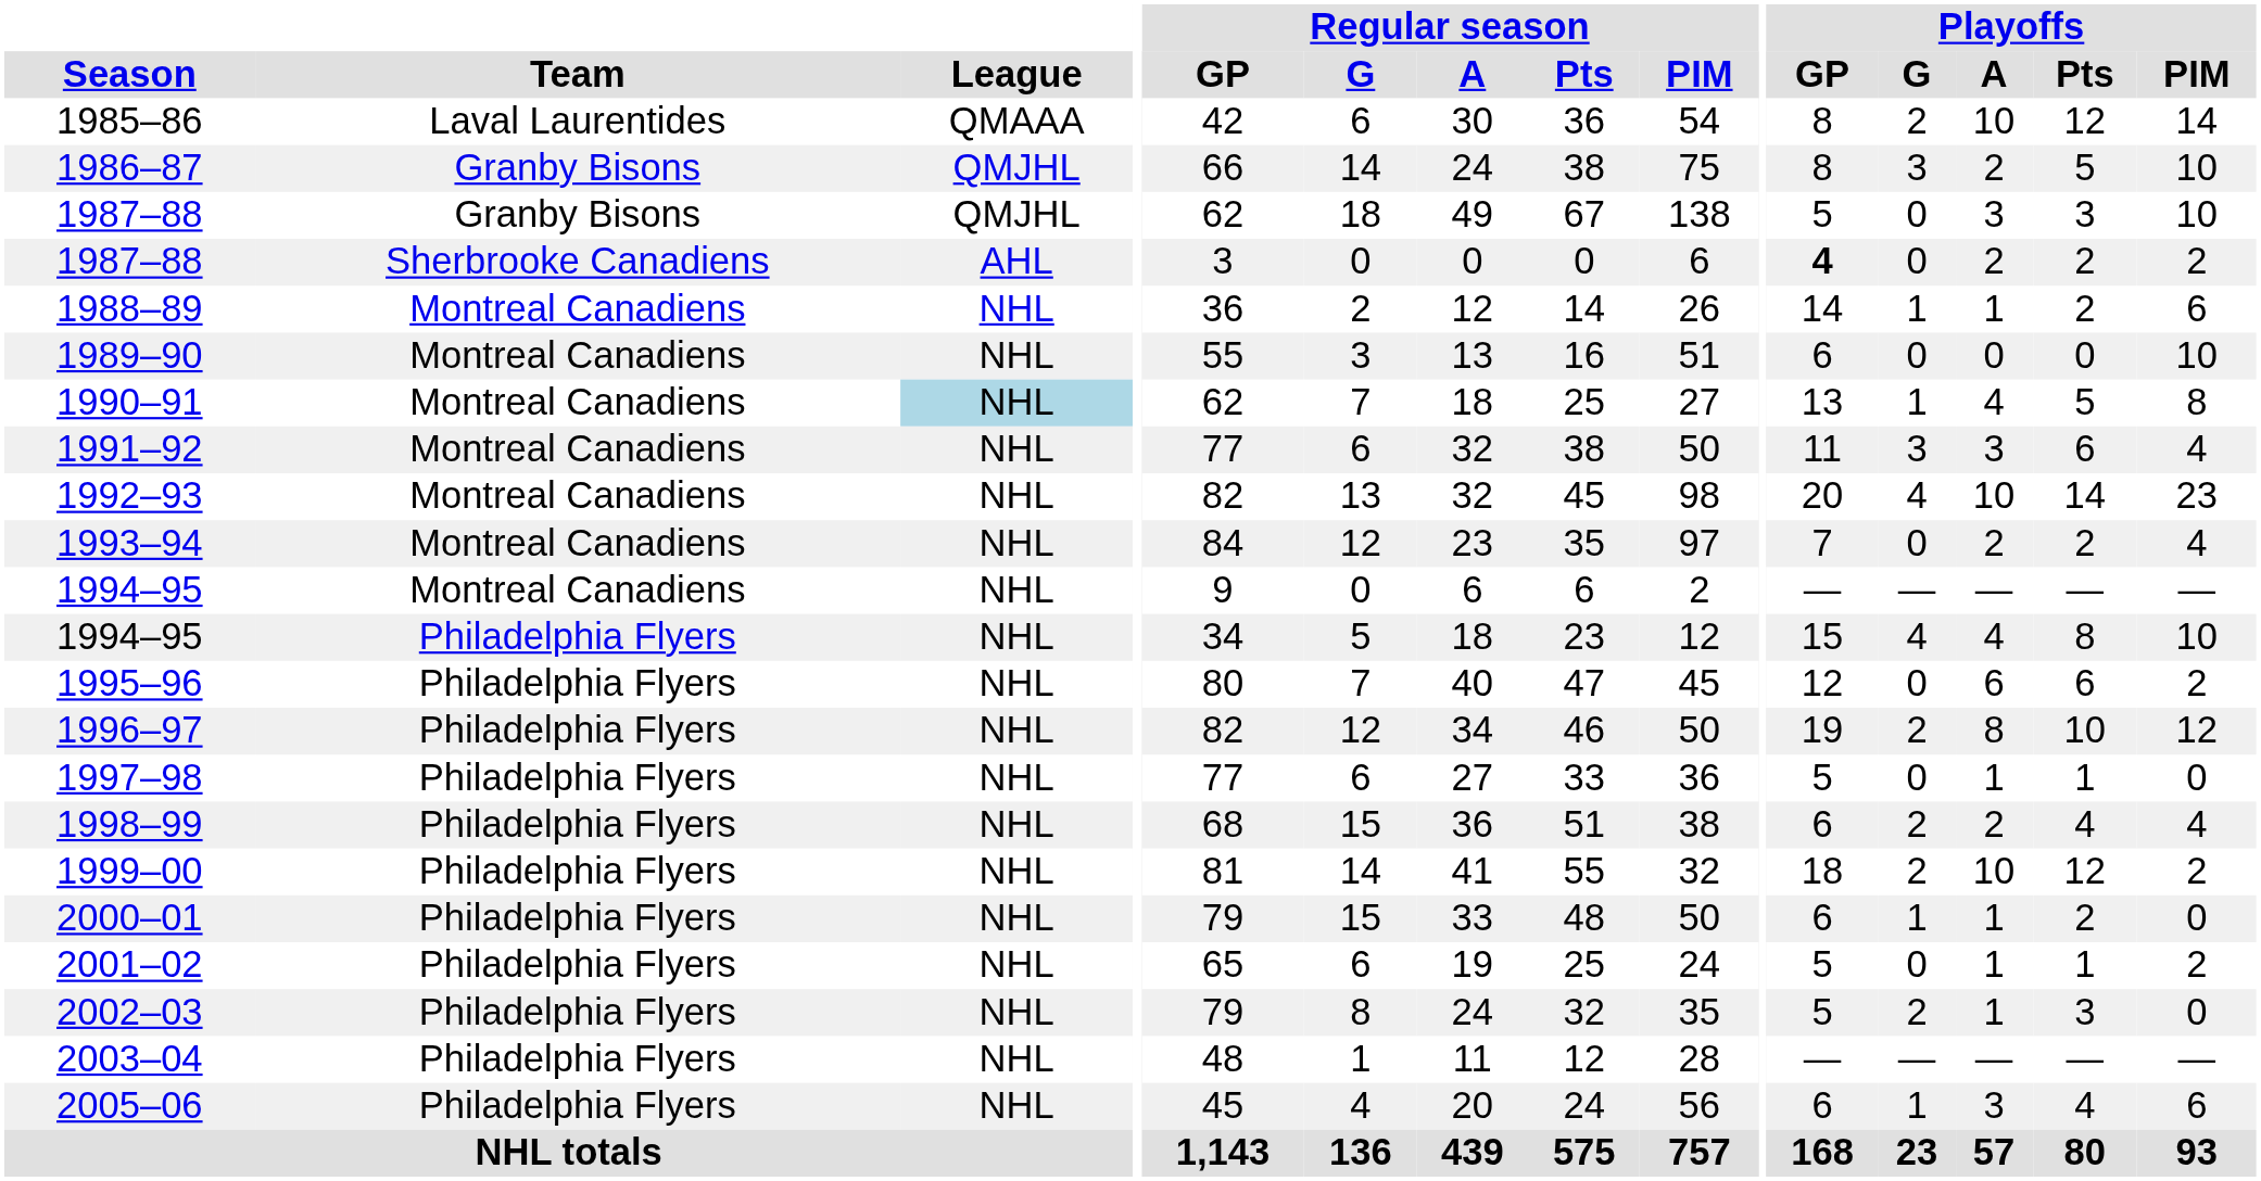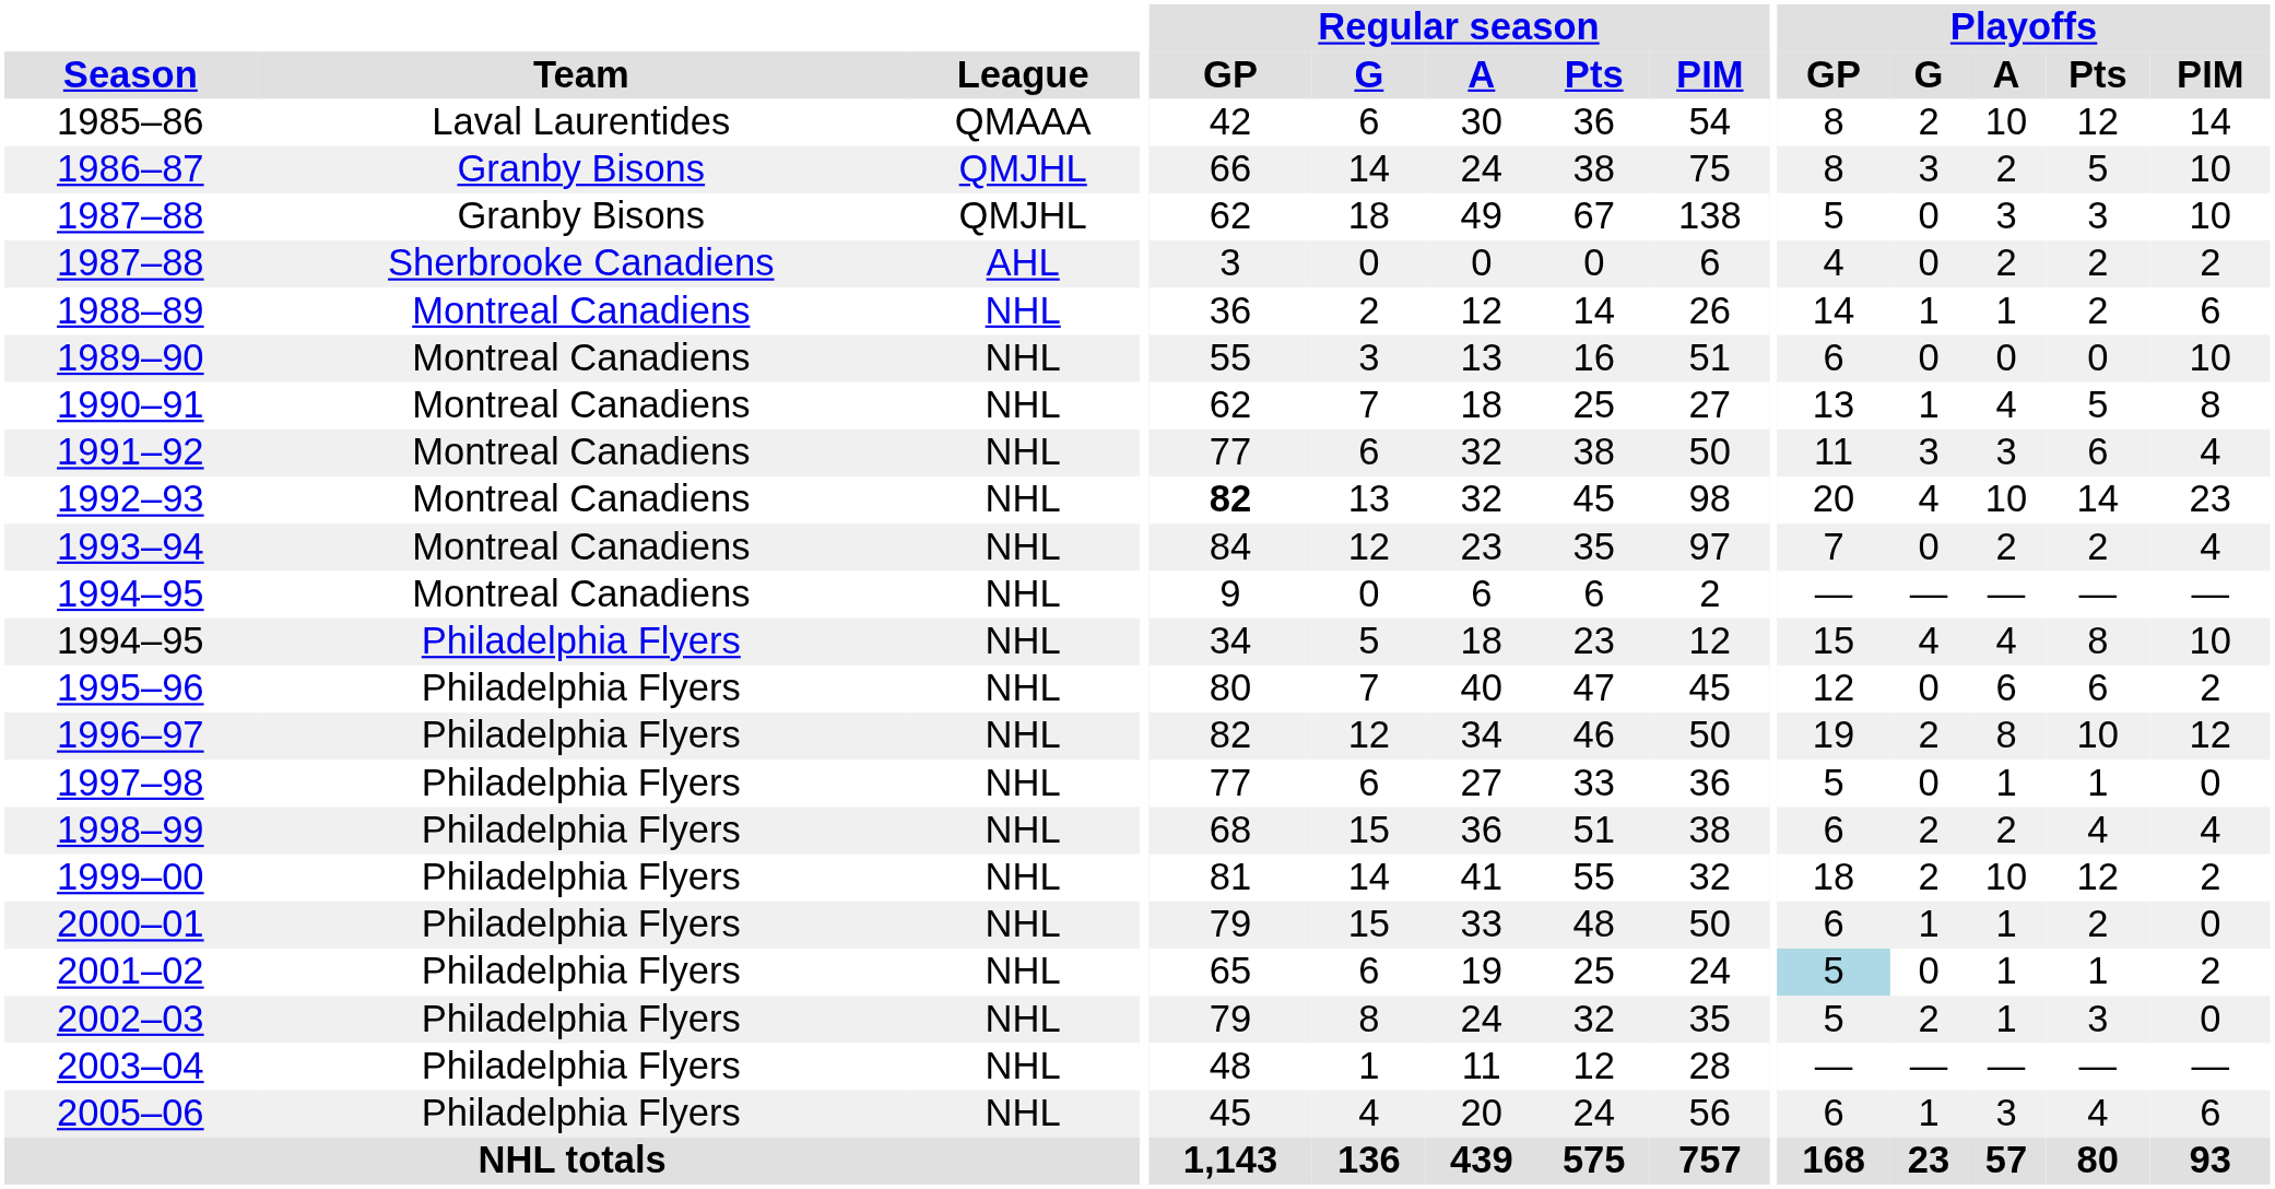 <table border="0" cellpadding="1" cellspacing="0" style="text-align:center; width:60em">
 <tr bgcolor="#e0e0e0">
 <th colspan="3" bgcolor="#ffffff"></th>
 <th rowspan="99" bgcolor="#ffffff"></th>
 <th colspan="5"><a href='#'>Regular season</a></th>
 <th rowspan="99" bgcolor="#ffffff"></th>
 <th colspan="5"><a href='#'>Playoffs</a></th>
 </tr>
 <tr bgcolor="#e0e0e0">
 <th><a href='#'>Season</a></th>
 <th>Team</th>
 <th>League</th>
 <th>GP</th>
 <th><a href='#'>G</a></th>
 <th><a href='#'>A</a></th>
 <th><a href='#'>Pts</a></th>
 <th><a href='#'>PIM</a></th>
 <th>GP</th>
 <th>G</th>
 <th>A</th>
 <th>Pts</th>
 <th>PIM</th>
 </tr>
 <tr>
 <td>1985–86</td>
 <td>Laval Laurentides</td>
 <td>QMAAA</td>
 <td>42</td>
 <td>6</td>
 <td>30</td>
 <td>36</td>
 <td>54</td>
 <td>8</td>
 <td>2</td>
 <td>10</td>
 <td>12</td>
 <td>14</td>
 </tr>
 <tr bgcolor="#f0f0f0">
 <td><a href='#'>1986–87</a></td>
 <td><a href='#'>Granby Bisons</a></td>
 <td><a href='#'>QMJHL</a></td>
 <td>66</td>
 <td>14</td>
 <td>24</td>
 <td>38</td>
 <td>75</td>
 <td>8</td>
 <td>3</td>
 <td>2</td>
 <td>5</td>
 <td>10</td>
 </tr>
 <tr>
 <td><a href='#'>1987–88</a></td>
 <td>Granby Bisons</td>
 <td>QMJHL</td>
 <td>62</td>
 <td>18</td>
 <td>49</td>
 <td>67</td>
 <td>138</td>
 <td>5</td>
 <td>0</td>
 <td>3</td>
 <td>3</td>
 <td>10</td>
 </tr>
 <tr bgcolor="#f0f0f0">
 <td><a href='#'>1987–88</a></td>
 <td><a href='#'>Sherbrooke Canadiens</a></td>
 <td><a href='#'>AHL</a></td>
 <td>3</td>
 <td>0</td>
 <td>0</td>
 <td>0</td>
 <td>6</td>
-<td><strong>4</strong></td>
+<td>4</td>
 <td>0</td>
 <td>2</td>
 <td>2</td>
 <td>2</td>
 </tr>
 <tr>
 <td><a href='#'>1988–89</a></td>
 <td><a href='#'>Montreal Canadiens</a></td>
 <td><a href='#'>NHL</a></td>
 <td>36</td>
 <td>2</td>
 <td>12</td>
 <td>14</td>
 <td>26</td>
 <td>14</td>
 <td>1</td>
 <td>1</td>
 <td>2</td>
 <td>6</td>
 </tr>
 <tr bgcolor="#f0f0f0">
 <td><a href='#'>1989–90</a></td>
 <td>Montreal Canadiens</td>
 <td>NHL</td>
 <td>55</td>
 <td>3</td>
 <td>13</td>
 <td>16</td>
 <td>51</td>
 <td>6</td>
 <td>0</td>
 <td>0</td>
 <td>0</td>
 <td>10</td>
 </tr>
 <tr>
 <td><a href='#'>1990–91</a></td>
 <td>Montreal Canadiens</td>
-<td style="background: lightblue;">NHL</td>
+<td>NHL</td>
 <td>62</td>
 <td>7</td>
 <td>18</td>
 <td>25</td>
 <td>27</td>
 <td>13</td>
 <td>1</td>
 <td>4</td>
 <td>5</td>
 <td>8</td>
 </tr>
 <tr bgcolor="#f0f0f0">
 <td><a href='#'>1991–92</a></td>
 <td>Montreal Canadiens</td>
 <td>NHL</td>
 <td>77</td>
 <td>6</td>
 <td>32</td>
 <td>38</td>
 <td>50</td>
 <td>11</td>
 <td>3</td>
 <td>3</td>
 <td>6</td>
 <td>4</td>
 </tr>
 <tr>
 <td><a href='#'>1992–93</a></td>
 <td>Montreal Canadiens</td>
 <td>NHL</td>
-<td>82</td>
+<td><strong>82</strong></td>
 <td>13</td>
 <td>32</td>
 <td>45</td>
 <td>98</td>
 <td>20</td>
 <td>4</td>
 <td>10</td>
 <td>14</td>
 <td>23</td>
 </tr>
 <tr bgcolor="#f0f0f0">
 <td><a href='#'>1993–94</a></td>
 <td>Montreal Canadiens</td>
 <td>NHL</td>
 <td>84</td>
 <td>12</td>
 <td>23</td>
 <td>35</td>
 <td>97</td>
 <td>7</td>
 <td>0</td>
 <td>2</td>
 <td>2</td>
 <td>4</td>
 </tr>
 <tr>
 <td><a href='#'>1994–95</a></td>
 <td>Montreal Canadiens</td>
 <td>NHL</td>
 <td>9</td>
 <td>0</td>
 <td>6</td>
 <td>6</td>
 <td>2</td>
 <td>—</td>
 <td>—</td>
 <td>—</td>
 <td>—</td>
 <td>—</td>
 </tr>
 <tr bgcolor="#f0f0f0">
 <td>1994–95</td>
 <td><a href='#'>Philadelphia Flyers</a></td>
 <td>NHL</td>
 <td>34</td>
 <td>5</td>
 <td>18</td>
 <td>23</td>
 <td>12</td>
 <td>15</td>
 <td>4</td>
 <td>4</td>
 <td>8</td>
 <td>10</td>
 </tr>
 <tr>
 <td><a href='#'>1995–96</a></td>
 <td>Philadelphia Flyers</td>
 <td>NHL</td>
 <td>80</td>
 <td>7</td>
 <td>40</td>
 <td>47</td>
 <td>45</td>
 <td>12</td>
 <td>0</td>
 <td>6</td>
 <td>6</td>
 <td>2</td>
 </tr>
 <tr bgcolor="#f0f0f0">
 <td><a href='#'>1996–97</a></td>
 <td>Philadelphia Flyers</td>
 <td>NHL</td>
 <td>82</td>
 <td>12</td>
 <td>34</td>
 <td>46</td>
 <td>50</td>
 <td>19</td>
 <td>2</td>
 <td>8</td>
 <td>10</td>
 <td>12</td>
 </tr>
 <tr>
 <td><a href='#'>1997–98</a></td>
 <td>Philadelphia Flyers</td>
 <td>NHL</td>
 <td>77</td>
 <td>6</td>
 <td>27</td>
 <td>33</td>
 <td>36</td>
 <td>5</td>
 <td>0</td>
 <td>1</td>
 <td>1</td>
 <td>0</td>
 </tr>
 <tr bgcolor="#f0f0f0">
 <td><a href='#'>1998–99</a></td>
 <td>Philadelphia Flyers</td>
 <td>NHL</td>
 <td>68</td>
 <td>15</td>
 <td>36</td>
 <td>51</td>
 <td>38</td>
 <td>6</td>
 <td>2</td>
 <td>2</td>
 <td>4</td>
 <td>4</td>
 </tr>
 <tr>
 <td><a href='#'>1999–00</a></td>
 <td>Philadelphia Flyers</td>
 <td>NHL</td>
 <td>81</td>
 <td>14</td>
 <td>41</td>
 <td>55</td>
 <td>32</td>
 <td>18</td>
 <td>2</td>
 <td>10</td>
 <td>12</td>
 <td>2</td>
 </tr>
 <tr bgcolor="#f0f0f0">
 <td><a href='#'>2000–01</a></td>
 <td>Philadelphia Flyers</td>
 <td>NHL</td>
 <td>79</td>
 <td>15</td>
 <td>33</td>
 <td>48</td>
 <td>50</td>
 <td>6</td>
 <td>1</td>
 <td>1</td>
 <td>2</td>
 <td>0</td>
 </tr>
 <tr>
 <td><a href='#'>2001–02</a></td>
 <td>Philadelphia Flyers</td>
 <td>NHL</td>
 <td>65</td>
 <td>6</td>
 <td>19</td>
 <td>25</td>
 <td>24</td>
-<td>5</td>
+<td style="background: lightblue;">5</td>
 <td>0</td>
 <td>1</td>
 <td>1</td>
 <td>2</td>
 </tr>
 <tr bgcolor="#f0f0f0">
 <td><a href='#'>2002–03</a></td>
 <td>Philadelphia Flyers</td>
 <td>NHL</td>
 <td>79</td>
 <td>8</td>
 <td>24</td>
 <td>32</td>
 <td>35</td>
 <td>5</td>
 <td>2</td>
 <td>1</td>
 <td>3</td>
 <td>0</td>
 </tr>
 <tr>
 <td><a href='#'>2003–04</a></td>
 <td>Philadelphia Flyers</td>
 <td>NHL</td>
 <td>48</td>
 <td>1</td>
 <td>11</td>
 <td>12</td>
 <td>28</td>
 <td>—</td>
 <td>—</td>
 <td>—</td>
 <td>—</td>
 <td>—</td>
 </tr>
 <tr bgcolor="#f0f0f0">
 <td><a href='#'>2005–06</a></td>
 <td>Philadelphia Flyers</td>
 <td>NHL</td>
 <td>45</td>
 <td>4</td>
 <td>20</td>
 <td>24</td>
 <td>56</td>
 <td>6</td>
 <td>1</td>
 <td>3</td>
 <td>4</td>
 <td>6</td>
 </tr>
 <tr bgcolor="#e0e0e0">
 <th colspan="3">NHL totals</th>
 <th>1,143</th>
 <th>136</th>
 <th>439</th>
 <th>575</th>
 <th>757</th>
 <th>168</th>
 <th>23</th>
 <th>57</th>
 <th>80</th>
 <th>93</th>
 </tr>
 </table>
